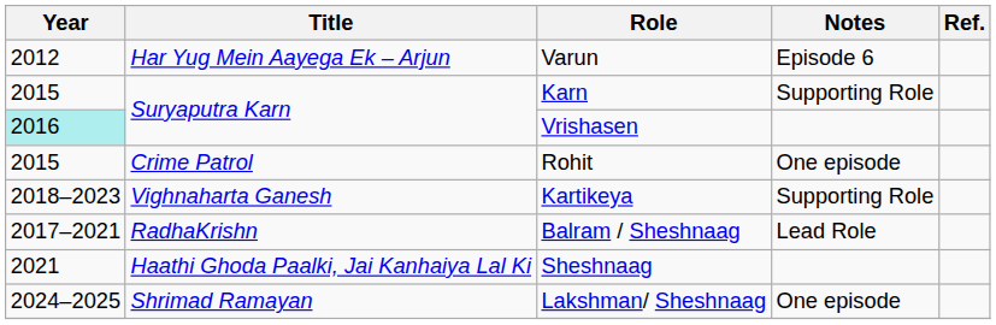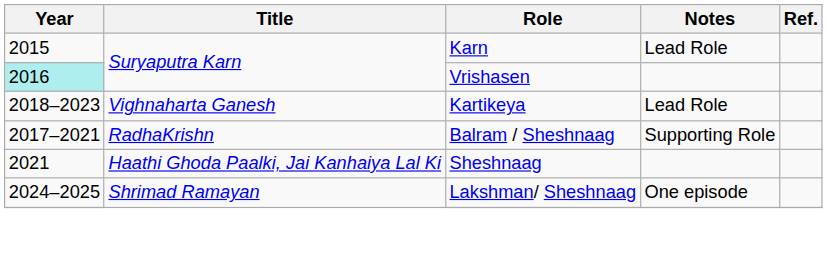 <table class="wikitable sortable">
 <tr>
 <th>Year</th>
 <th>Title</th>
 <th>Role</th>
 <th class="unsortable">Notes</th>
 <th class="unsortable">Ref.</th>
 </tr>
 <tr>
-<td>2012</td>
-<td><em><a href='#'>Har Yug Mein Aayega Ek – Arjun</a></em></td>
-<td>Varun</td>
-<td>Episode 6</td>
-<td></td>
-</tr>
-<tr>
 <td>2015</td>
 <td rowspan="2'"><em><a href='#'>Suryaputra Karn</a></em></td>
 <td><a href='#'> Karn</a></td>
-<td>Supporting Role</td>
+<td>Lead Role</td>
 <td></td>
 </tr>
 <tr>
 <td style="background: paleturquoise;">2016</td>
 <td><a href='#'> Vrishasen</a></td>
 <td></td>
 <td></td>
 </tr>
 <tr>
-<td>2015</td>
-<td><em><a href='#'>Crime Patrol</a></em></td>
-<td>Rohit</td>
-<td>One episode</td>
-<td></td>
-</tr>
-<tr>
 <td>2018–2023</td>
 <td><em><a href='#'>Vighnaharta Ganesh</a></em></td>
 <td><a href='#'>Kartikeya</a></td>
-<td>Supporting Role</td>
+<td>Lead Role</td>
 <td></td>
 </tr>
 <tr>
 <td>2017–2021</td>
 <td><em><a href='#'>RadhaKrishn</a></em></td>
 <td><a href='#'> Balram</a> / <a href='#'>Sheshnaag</a></td>
-<td>Lead Role</td>
+<td>Supporting Role</td>
 <td></td>
 </tr>
 <tr>
 <td>2021</td>
 <td><em><a href='#'>Haathi Ghoda Paalki, Jai Kanhaiya Lal Ki</a></em></td>
 <td><a href='#'> Sheshnaag</a></td>
 <td></td>
 <td></td>
 </tr>
 <tr>
 <td>2024–2025</td>
 <td rowspan = "2"><em><a href='#'>Shrimad Ramayan</a></em></td>
 <td><a href='#'> Lakshman</a>/ <a href='#'>Sheshnaag</a></td>
 <td>One episode</td>
 <td></td>
 </tr>
 <tr>
 </tr>
 </table>
